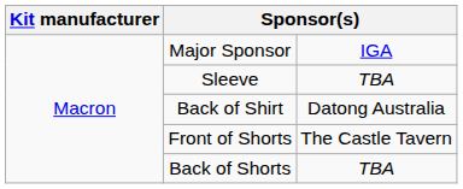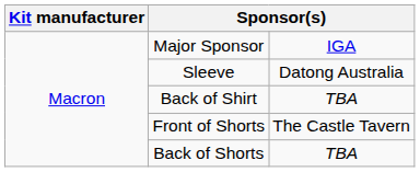 <table class="wikitable" style="text-align: center">
 <tr>
 <th><a href='#'>Kit</a> manufacturer</th>
 <th colspan="2">Sponsor(s)</th>
 </tr>
 <tr>
 <td rowspan="5"><a href='#'>Macron</a></td>
 <td>Major Sponsor</td>
 <td><a href='#'>IGA</a></td>
 </tr>
 <tr>
 <td>Sleeve</td>
-<td><em>TBA</em></td>
+<td>Datong Australia</td>
 </tr>
 <tr>
 <td>Back of Shirt</td>
-<td>Datong Australia</td>
+<td><em>TBA</em></td>
 </tr>
 <tr>
 <td>Front of Shorts</td>
 <td>The Castle Tavern</td>
 </tr>
 <tr>
 <td>Back of Shorts</td>
 <td><em>TBA</em></td>
 </tr>
 </table>
